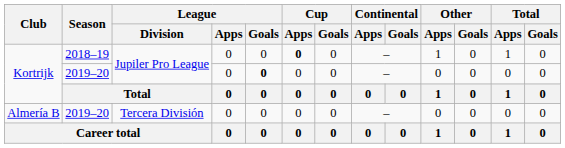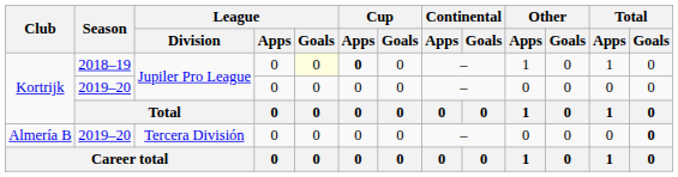 <table class="wikitable" style="text-align: center">
 <tr>
 <th rowspan="2">Club</th>
 <th rowspan="2">Season</th>
 <th colspan="3">League</th>
 <th colspan="2">Cup</th>
 <th colspan="2">Continental</th>
 <th colspan="2">Other</th>
 <th colspan="2">Total</th>
 </tr>
 <tr>
 <th>Division</th>
 <th>Apps</th>
 <th>Goals</th>
 <th>Apps</th>
 <th>Goals</th>
 <th>Apps</th>
 <th>Goals</th>
 <th>Apps</th>
 <th>Goals</th>
 <th>Apps</th>
 <th>Goals</th>
 </tr>
 <tr>
 <td rowspan="3"><a href='#'>Kortrijk</a></td>
 <td><a href='#'>2018–19</a></td>
 <td rowspan="2"><a href='#'>Jupiler Pro League</a></td>
 <td>0</td>
-<td>0</td>
+<td style="background: lightyellow;">0</td>
 <td><strong>0</strong></td>
 <td>0</td>
 <td colspan="2">–</td>
 <td>1</td>
 <td>0</td>
 <td>1</td>
 <td>0</td>
 </tr>
 <tr>
 <td><a href='#'>2019–20</a></td>
 <td>0</td>
-<td><strong>0</strong></td>
+<td>0</td>
 <td>0</td>
 <td>0</td>
 <td colspan="2">–</td>
 <td>0</td>
 <td>0</td>
 <td>0</td>
 <td>0</td>
 </tr>
 <tr>
 <th colspan="2"><strong>Total</strong></th>
 <th>0</th>
 <th>0</th>
 <th>0</th>
 <th>0</th>
 <th>0</th>
 <th>0</th>
 <th>1</th>
 <th>0</th>
 <th>1</th>
 <th>0</th>
 </tr>
 <tr>
 <td><a href='#'>Almería B</a></td>
 <td><a href='#'>2019–20</a></td>
 <td><a href='#'>Tercera División</a></td>
 <td>0</td>
 <td>0</td>
 <td>0</td>
 <td>0</td>
 <td colspan="2">–</td>
 <td>0</td>
 <td>0</td>
 <td>0</td>
-<td>0</td>
+<td><strong>0</strong></td>
 </tr>
 <tr>
 <th colspan="3"><strong>Career total</strong></th>
 <th>0</th>
 <th>0</th>
 <th>0</th>
 <th>0</th>
 <th>0</th>
 <th>0</th>
 <th>1</th>
 <th>0</th>
 <th>1</th>
 <th>0</th>
 </tr>
 </table>
